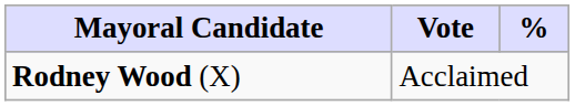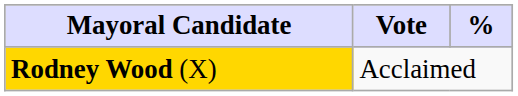 <table class="wikitable">
 <tr>
 <th style="background:#ddf; width:200px;">Mayoral Candidate</th>
 <th style="background:#ddf; width:50px;">Vote</th>
 <th style="background:#ddf; width:30px;">%</th>
 </tr>
 <tr>
-<td><strong>Rodney Wood</strong> (X)</td>
+<td style="background: gold;"><strong>Rodney Wood</strong> (X)</td>
 <td colspan="2">Acclaimed</td>
 </tr>
 </table>
